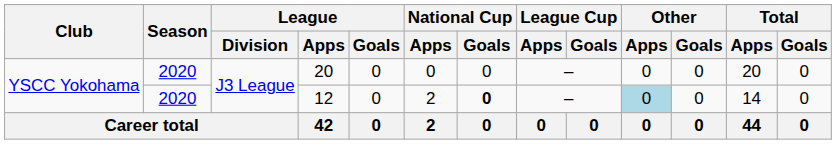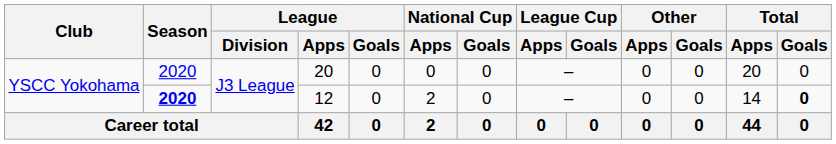 <table class="wikitable" style="text-align: center">
 <tr>
 <th rowspan="2">Club</th>
 <th rowspan="2">Season</th>
 <th colspan="3">League</th>
 <th colspan="2">National Cup</th>
 <th colspan="2">League Cup</th>
 <th colspan="2">Other</th>
 <th colspan="2">Total</th>
 </tr>
 <tr>
 <th>Division</th>
 <th>Apps</th>
 <th>Goals</th>
 <th>Apps</th>
 <th>Goals</th>
 <th>Apps</th>
 <th>Goals</th>
 <th>Apps</th>
 <th>Goals</th>
 <th>Apps</th>
 <th>Goals</th>
 </tr>
 <tr>
 <td rowspan="2"><a href='#'>YSCC Yokohama</a></td>
 <td><a href='#'>2020</a></td>
 <td rowspan="2"><a href='#'>J3 League</a></td>
 <td>20</td>
 <td>0</td>
 <td>0</td>
 <td>0</td>
 <td colspan="2">–</td>
 <td>0</td>
 <td>0</td>
 <td>20</td>
 <td>0</td>
 </tr>
 <tr>
-<td><a href='#'>2020</a></td>
+<td><strong><a href='#'>2020</a></strong></td>
 <td>12</td>
 <td>0</td>
 <td>2</td>
-<td><strong>0</strong></td>
+<td>0</td>
 <td colspan="2">–</td>
-<td style="background: lightblue;">0</td>
+<td>0</td>
 <td>0</td>
 <td>14</td>
-<td>0</td>
+<td><strong>0</strong></td>
 </tr>
 <tr>
 <th colspan=3>Career total</th>
 <th>42</th>
 <th>0</th>
 <th>2</th>
 <th>0</th>
 <th>0</th>
 <th>0</th>
 <th>0</th>
 <th>0</th>
 <th>44</th>
 <th>0</th>
 </tr>
 </table>
